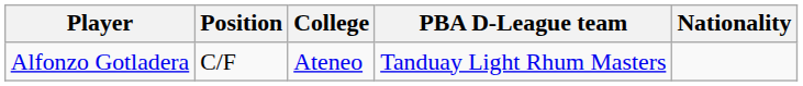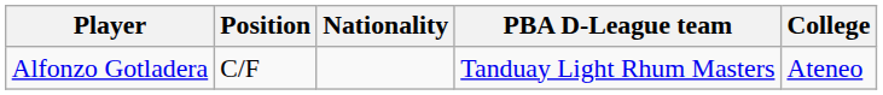 <table class="wikitable sortable sortable">
 <tr>
 <th>Player</th>
 <th>Position</th>
+<th>Nationality</th>
+<th>PBA D-League team</th>
 <th>College</th>
-<th>PBA D-League team</th>
-<th>Nationality</th>
 </tr>
 <tr>
 <td><a href='#'>Alfonzo Gotladera</a></td>
 <td>C/F</td>
+<td></td>
+<td><a href='#'>Tanduay Light Rhum Masters</a></td>
 <td><a href='#'>Ateneo</a></td>
-<td><a href='#'>Tanduay Light Rhum Masters</a></td>
-<td></td>
 </tr>
 </table>
